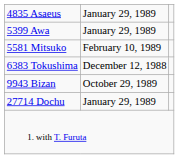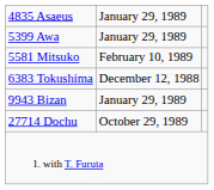 <table class="wikitable floatright" style="font-size: 0.9em;">
 <tr>
 <td><a href='#'>4835 Asaeus</a></td>
 <td>January 29, 1989</td>
 <td></td>
 </tr>
 <tr>
 <td><a href='#'>5399 Awa</a></td>
 <td>January 29, 1989</td>
 <td></td>
 </tr>
 <tr>
 <td><a href='#'>5581 Mitsuko</a></td>
 <td>February 10, 1989</td>
 <td></td>
 </tr>
 <tr>
 <td><a href='#'>6383 Tokushima</a></td>
 <td>December 12, 1988</td>
 <td></td>
 </tr>
 <tr>
 <td><a href='#'>9943 Bizan</a></td>
-<td>October 29, 1989</td>
+<td>January 29, 1989</td>
 <td></td>
 </tr>
 <tr>
 <td><a href='#'>27714 Dochu</a></td>
-<td>January 29, 1989</td>
+<td>October 29, 1989</td>
 <td></td>
 </tr>
 <tr>
 <td colspan=3 style="font-size: smaller;"><br><ol><li> with <a href='#'>T. Furuta</a></li></ol></td>
 </tr>
 </table>
